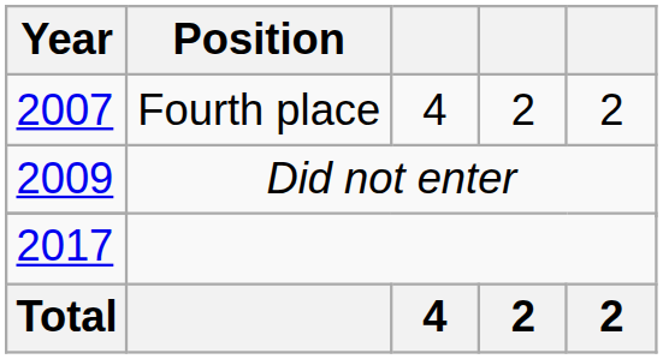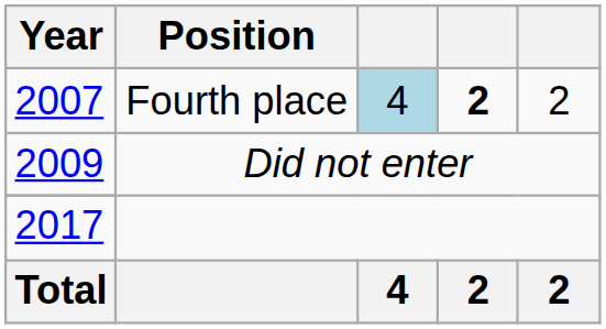 <table class="wikitable" style="text-align: center;">
 <tr>
 <th>Year</th>
 <th>Position</th>
 <th width=25px></th>
 <th width=25px></th>
 <th width=25px></th>
 </tr>
 <tr>
 <td style="text-align: left;"> <a href='#'>2007</a></td>
 <td>Fourth place</td>
-<td>4</td>
-<td>2</td>
+<td style="background: lightblue;">4</td>
+<td><strong>2</strong></td>
 <td>2</td>
 </tr>
 <tr>
 <td style="text-align: left;"> <a href='#'>2009</a></td>
 <td colspan=4 rowspan=2><em>Did not enter</em></td>
 </tr>
 <tr>
 </tr>
 <tr>
 <td style="text-align: left;"> <a href='#'>2017</a></td>
 </tr>
 <tr>
 <th>Total</th>
 <th></th>
 <th>4</th>
 <th>2</th>
 <th>2</th>
 </tr>
 </table>
